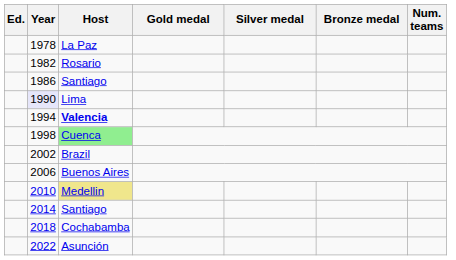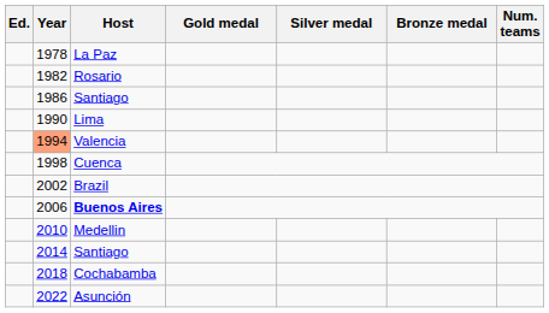 <table class="wikitable sortable" style="text-align: ">
 <tr>
 <th>Ed.</th>
 <th>Year</th>
 <th>Host</th>
 <th width=120px> Gold medal</th>
 <th width=120px> Silver medal</th>
 <th width=120px> Bronze medal</th>
 <th>Num.<br>teams</th>
 </tr>
 <tr>
 <td></td>
 <td>1978</td>
 <td><a href='#'>La Paz</a></td>
 <td><strong></strong></td>
 <td></td>
 <td></td>
 <td></td>
 </tr>
 <tr>
 <td></td>
 <td>1982</td>
 <td><a href='#'>Rosario</a></td>
 <td><strong></strong></td>
 <td></td>
 <td></td>
 <td></td>
 </tr>
 <tr>
 <td></td>
 <td>1986</td>
 <td><a href='#'>Santiago</a></td>
 <td><strong></strong></td>
 <td></td>
 <td></td>
 <td></td>
 </tr>
 <tr>
 <td></td>
-<td style="background: lavender;">1990</td>
+<td>1990</td>
 <td><a href='#'>Lima</a></td>
 <td><strong></strong></td>
 <td></td>
 <td></td>
 <td></td>
 </tr>
 <tr>
 <td></td>
-<td>1994</td>
-<td><strong><a href='#'>Valencia</a></strong></td>
+<td style="background: lightsalmon;">1994</td>
+<td><a href='#'>Valencia</a></td>
 <td><strong></strong></td>
 <td></td>
 <td></td>
 <td></td>
 </tr>
 <tr>
 <td></td>
 <td>1998</td>
-<td style="background: lightgreen;"><a href='#'>Cuenca</a></td>
+<td><a href='#'>Cuenca</a></td>
 <td colspan=4></td>
 </tr>
 <tr>
 <td></td>
 <td>2002</td>
 <td><a href='#'>Brazil</a></td>
 <td colspan=4></td>
 </tr>
 <tr>
 <td></td>
 <td>2006</td>
-<td><a href='#'>Buenos Aires</a></td>
+<td><strong><a href='#'>Buenos Aires</a></strong></td>
 <td colspan=4></td>
 </tr>
 <tr>
 <td></td>
 <td><a href='#'>2010</a></td>
-<td style="background: khaki;"><a href='#'>Medellin</a></td>
+<td><a href='#'>Medellin</a></td>
 <td><strong></strong></td>
 <td></td>
 <td></td>
 <td></td>
 </tr>
 <tr>
 <td></td>
 <td><a href='#'>2014</a></td>
 <td><a href='#'>Santiago</a></td>
 <td><strong></strong></td>
 <td></td>
 <td></td>
 <td></td>
 </tr>
 <tr>
 <td></td>
 <td><a href='#'>2018</a></td>
 <td><a href='#'>Cochabamba</a></td>
 <td><strong></strong></td>
 <td></td>
 <td></td>
 <td></td>
 </tr>
 <tr>
 <td></td>
 <td><a href='#'>2022</a></td>
 <td><a href='#'>Asunción</a></td>
 <td><strong></strong></td>
 <td></td>
 <td></td>
 <td></td>
 </tr>
 </table>
